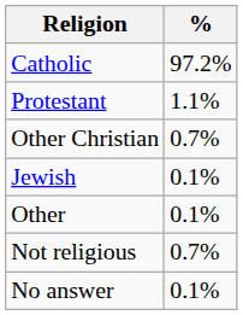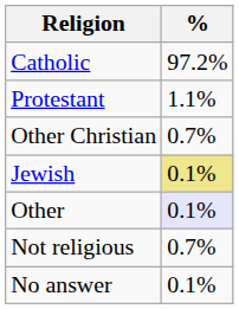 <table class="wikitable">
 <tr>
 <th>Religion</th>
 <th>%</th>
 </tr>
 <tr>
 <td><a href='#'>Catholic</a></td>
 <td>97.2%</td>
 </tr>
 <tr>
 <td><a href='#'>Protestant</a></td>
 <td>1.1%</td>
 </tr>
 <tr>
 <td>Other Christian</td>
 <td>0.7%</td>
 </tr>
 <tr>
 <td><a href='#'>Jewish</a></td>
-<td>0.1%</td>
+<td style="background: khaki;">0.1%</td>
 </tr>
 <tr>
 <td>Other</td>
-<td>0.1%</td>
+<td style="background: lavender;">0.1%</td>
 </tr>
 <tr>
 <td>Not religious</td>
 <td>0.7%</td>
 </tr>
 <tr>
 <td>No answer</td>
 <td>0.1%</td>
 </tr>
 </table>
